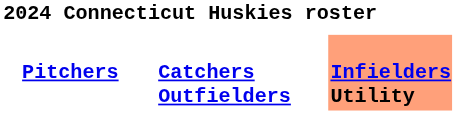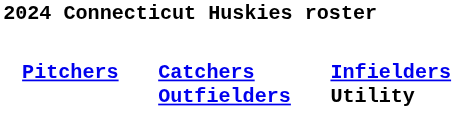 <table class="toccolours" style="text-align: left; font-size:90%;">
 <tr>
 <th colspan="9">2024 Connecticut Huskies roster</th>
 </tr>
 <tr>
 </tr>
 <tr>
 <td width="03"> </td>
 <td valign="top"><br><strong><a href='#'>Pitchers</a></strong></td>
 <td width="15"> </td>
 <td valign="top"><br><strong><a href='#'>Catchers</a></strong><br><strong><a href='#'>Outfielders</a></strong></td>
 <td width="15"> </td>
-<td valign="top" style="background: lightsalmon;"><br><strong><a href='#'>Infielders</a></strong><br><strong>Utility</strong></td>
+<td valign="top"><br><strong><a href='#'>Infielders</a></strong><br><strong>Utility</strong></td>
 </tr>
 </table>
